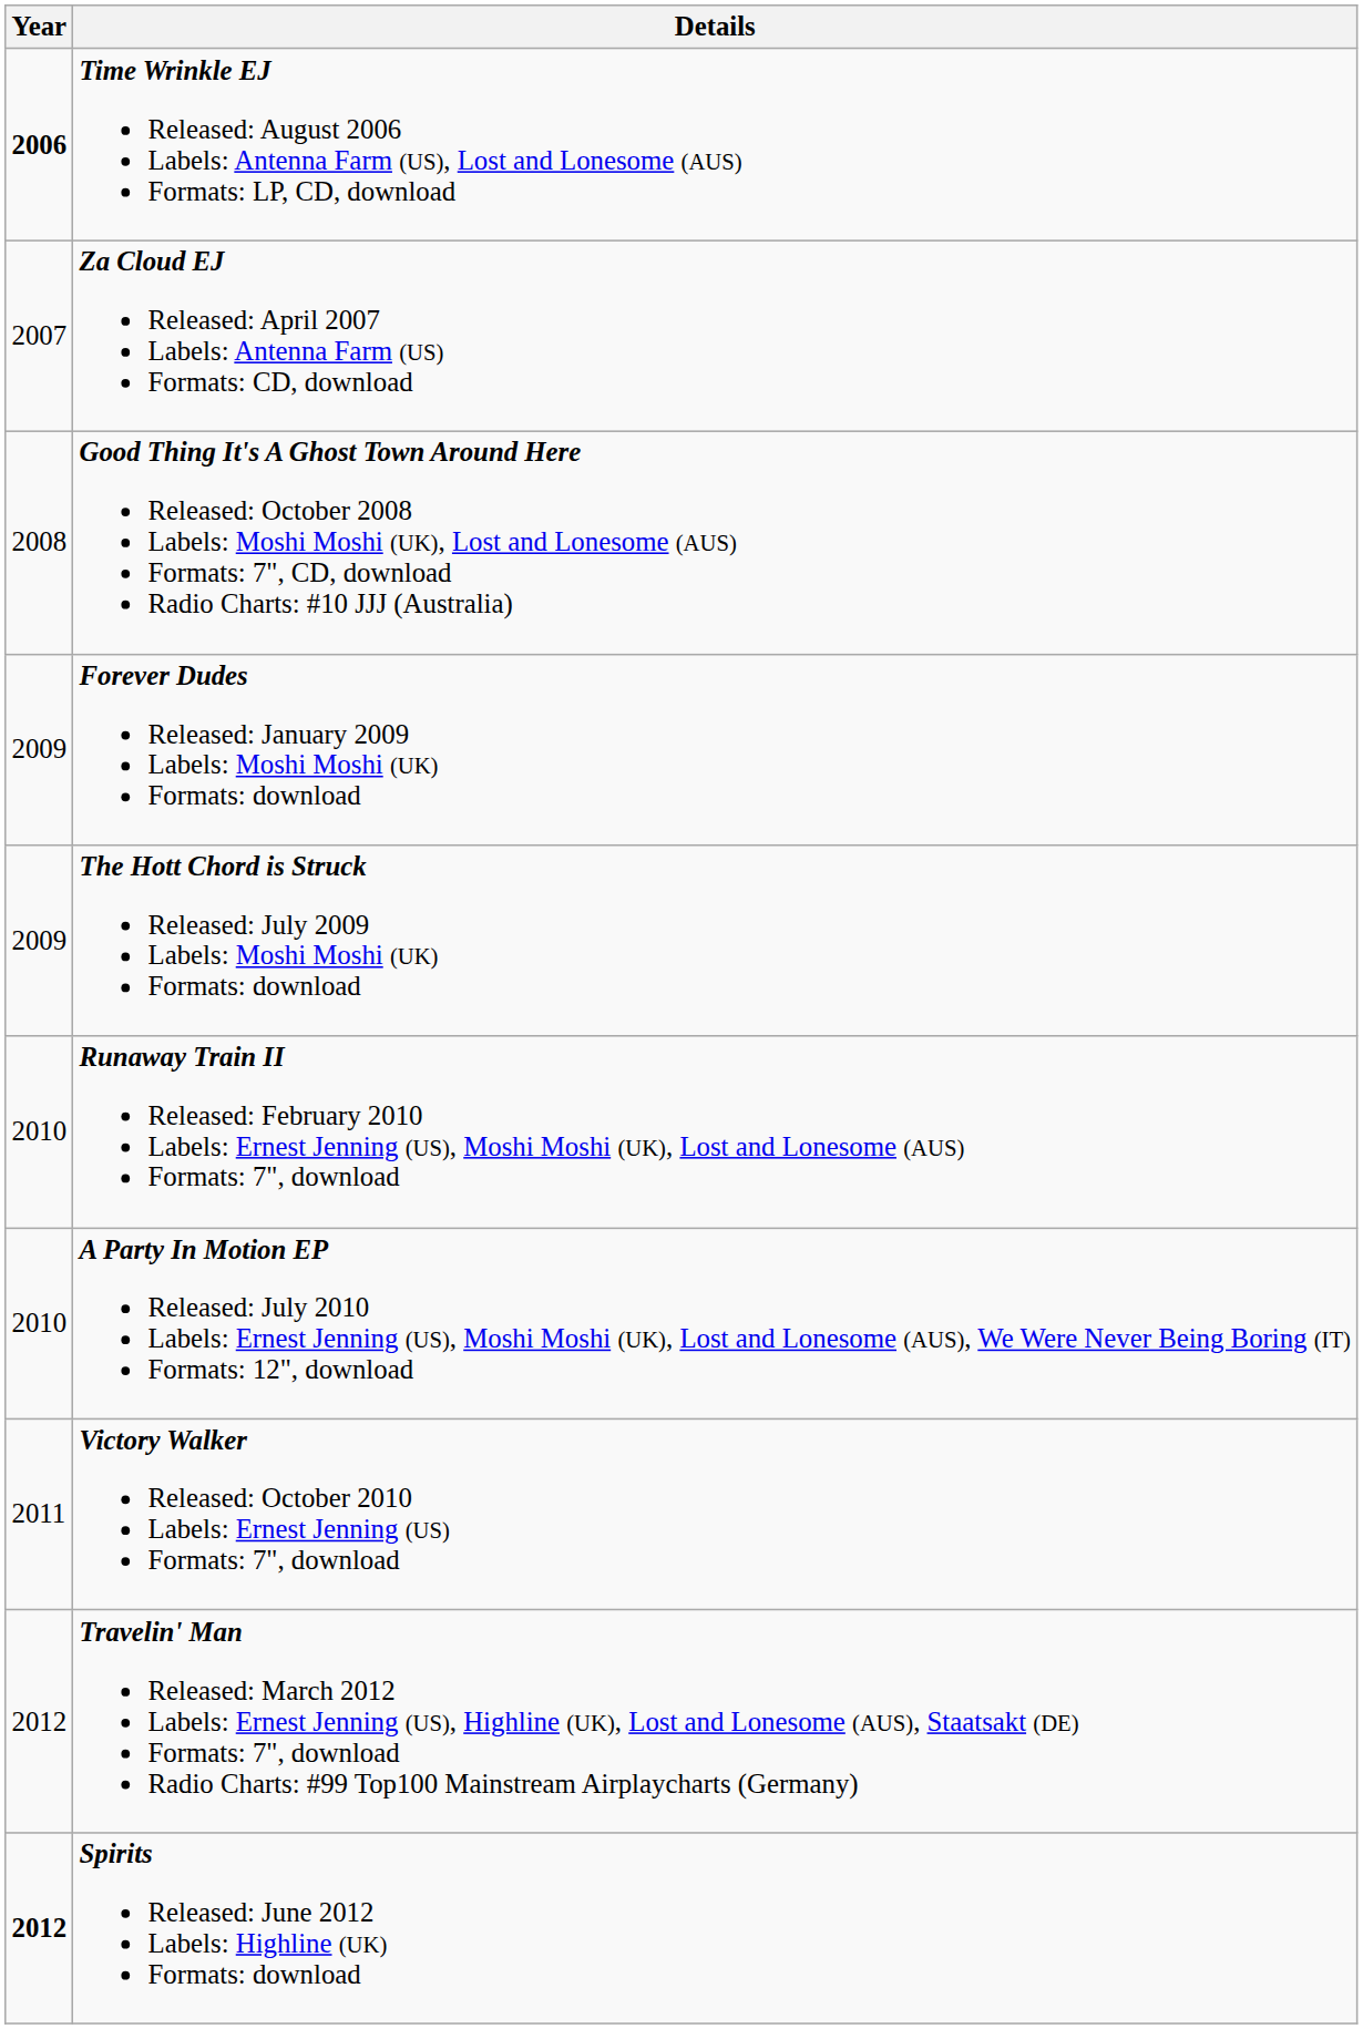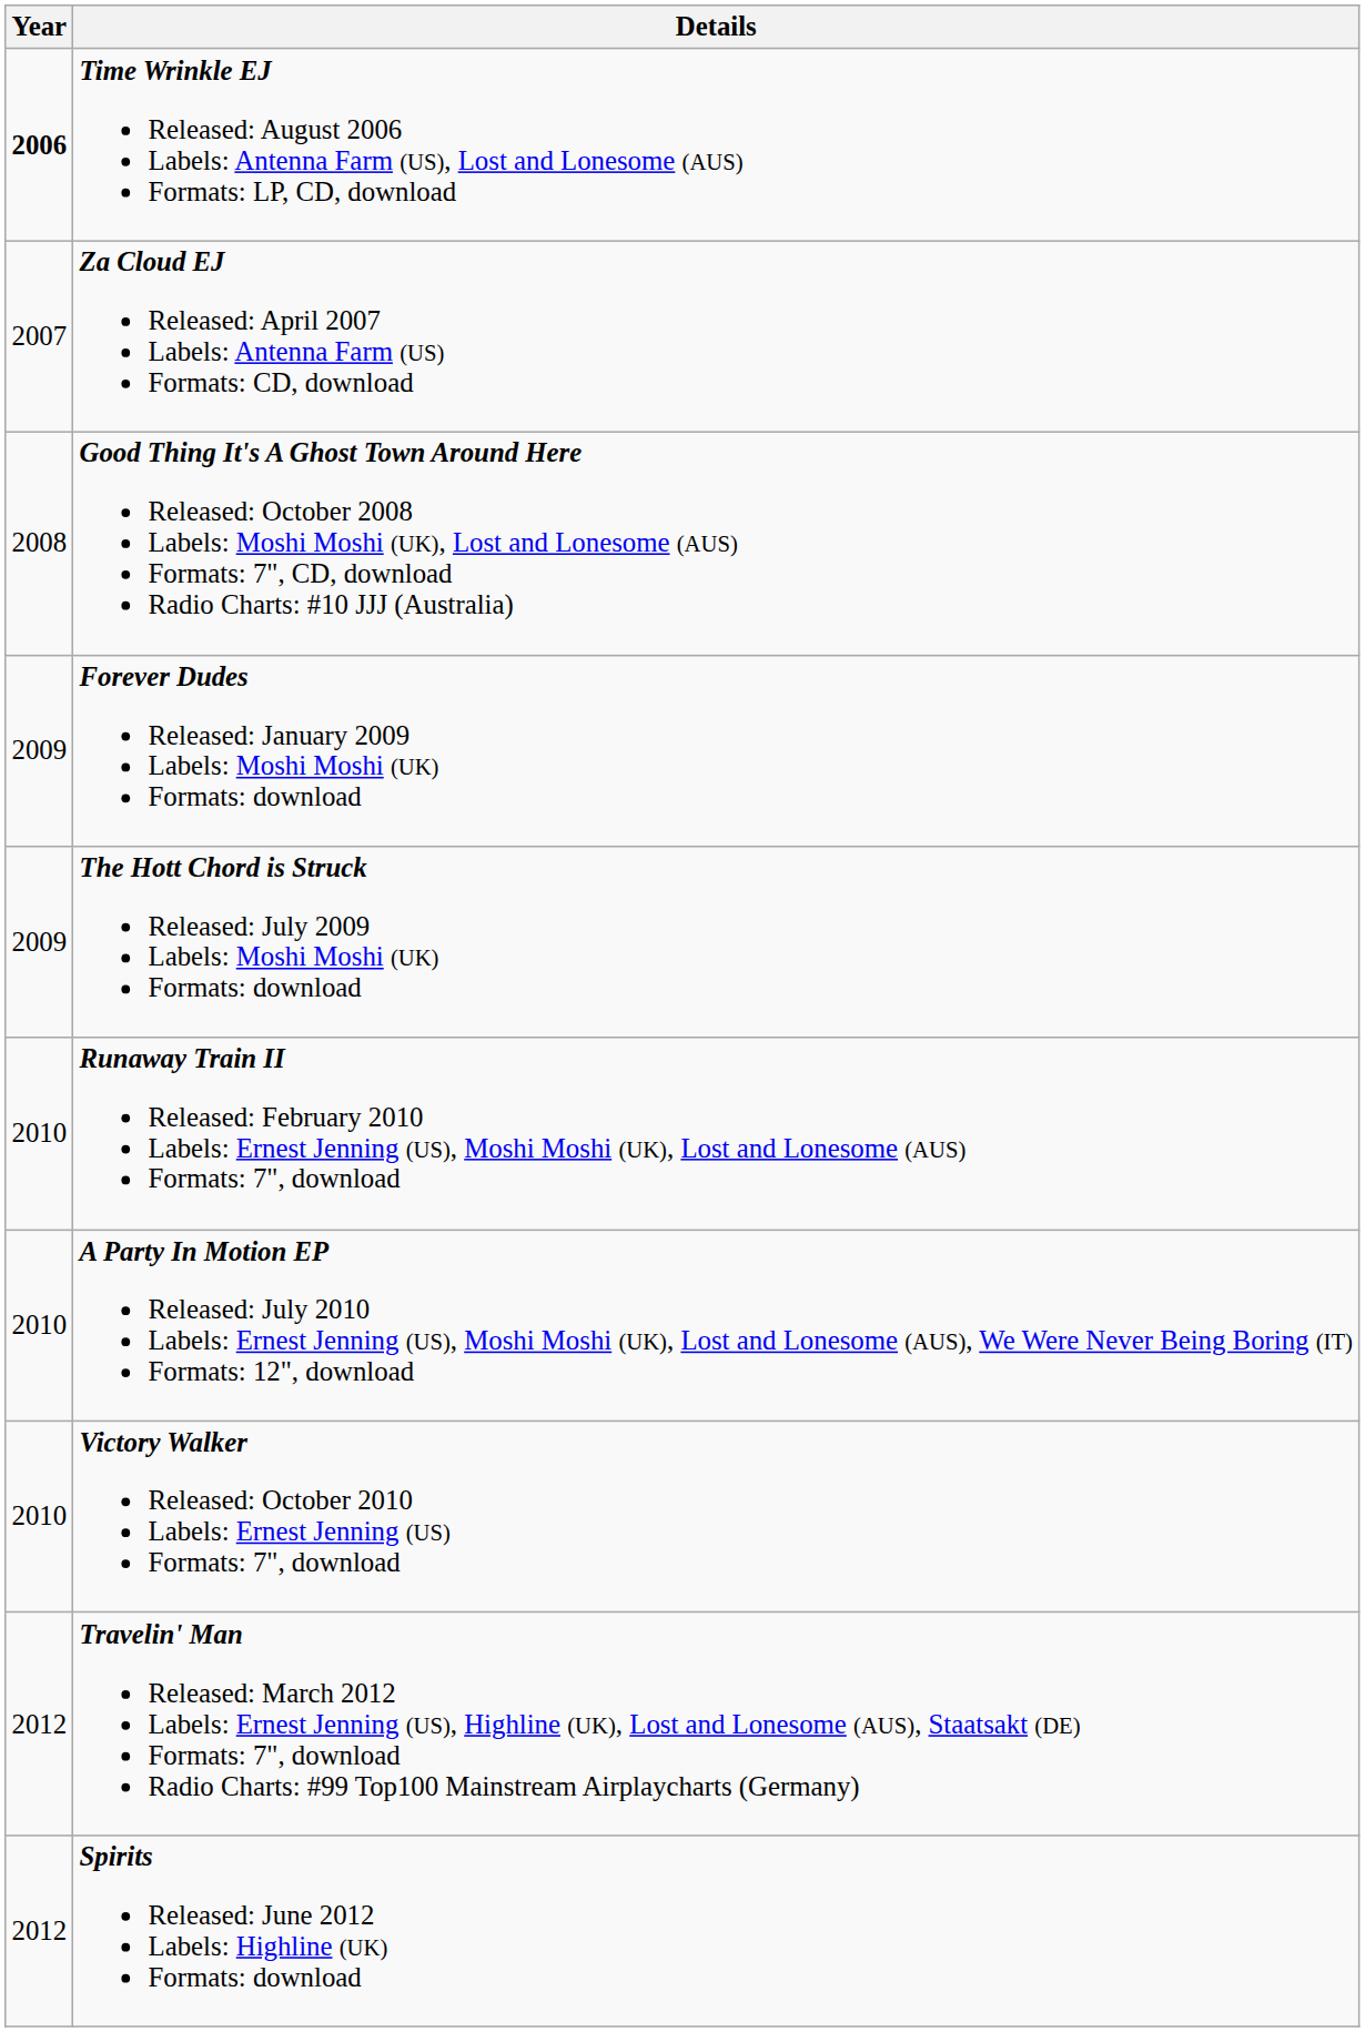 <table class="wikitable">
 <tr>
 <th>Year</th>
 <th>Details</th>
 </tr>
 <tr>
 <td><strong>2006</strong></td>
 <td><strong><em>Time Wrinkle EJ</em></strong><br><ul><li>Released: August 2006</li><li>Labels: <a href='#'>Antenna Farm</a> <small>(US)</small>, <a href='#'>Lost and Lonesome</a> <small>(AUS)</small></li><li>Formats: LP, CD, download</li></ul></td>
 </tr>
 <tr>
 <td>2007</td>
 <td><strong><em>Za Cloud EJ</em></strong><br><ul><li>Released: April 2007</li><li>Labels: <a href='#'>Antenna Farm</a> <small>(US)</small></li><li>Formats: CD, download</li></ul></td>
 </tr>
 <tr>
 <td>2008</td>
 <td><strong><em>Good Thing It's A Ghost Town Around Here</em></strong><br><ul><li>Released: October 2008</li><li>Labels: <a href='#'>Moshi Moshi</a> <small>(UK)</small>, <a href='#'>Lost and Lonesome</a> <small>(AUS)</small></li><li>Formats: 7", CD, download</li><li>Radio Charts: #10 JJJ (Australia)</li></ul></td>
 </tr>
 <tr>
 <td>2009</td>
 <td><strong><em>Forever Dudes</em></strong><br><ul><li>Released: January 2009</li><li>Labels: <a href='#'>Moshi Moshi</a> <small>(UK)</small></li><li>Formats: download</li></ul></td>
 </tr>
 <tr>
 <td>2009</td>
 <td><strong><em>The Hott Chord is Struck</em></strong><br><ul><li>Released: July 2009</li><li>Labels: <a href='#'>Moshi Moshi</a> <small>(UK)</small></li><li>Formats: download</li></ul></td>
 </tr>
 <tr>
 <td>2010</td>
 <td><strong><em>Runaway Train II</em></strong><br><ul><li>Released: February 2010</li><li>Labels: <a href='#'>Ernest Jenning</a> <small>(US)</small>, <a href='#'>Moshi Moshi</a> <small>(UK)</small>, <a href='#'>Lost and Lonesome</a> <small>(AUS)</small></li><li>Formats: 7", download</li></ul></td>
 </tr>
 <tr>
 <td>2010</td>
 <td><strong><em>A Party In Motion EP</em></strong><br><ul><li>Released: July 2010</li><li>Labels: <a href='#'>Ernest Jenning</a> <small>(US)</small>, <a href='#'>Moshi Moshi</a> <small>(UK)</small>, <a href='#'>Lost and Lonesome</a> <small>(AUS)</small>, <a href='#'>We Were Never Being Boring</a> <small>(IT)</small></li><li>Formats: 12", download</li></ul></td>
 </tr>
 <tr>
-<td>2011</td>
+<td>2010</td>
 <td><strong><em>Victory Walker</em></strong><br><ul><li>Released: October 2010</li><li>Labels: <a href='#'>Ernest Jenning</a> <small>(US)</small></li><li>Formats: 7", download</li></ul></td>
 </tr>
 <tr>
 <td>2012</td>
 <td><strong><em>Travelin' Man</em></strong><br><ul><li>Released: March 2012</li><li>Labels: <a href='#'>Ernest Jenning</a> <small>(US)</small>, <a href='#'>Highline</a> <small>(UK)</small>, <a href='#'>Lost and Lonesome</a> <small>(AUS)</small>, <a href='#'>Staatsakt</a> <small>(DE)</small></li><li>Formats: 7", download</li><li>Radio Charts: #99 Top100 Mainstream Airplaycharts (Germany)</li></ul></td>
 </tr>
 <tr>
-<td><strong>2012</strong></td>
+<td>2012</td>
 <td><strong><em>Spirits</em></strong><br><ul><li>Released: June 2012</li><li>Labels: <a href='#'>Highline</a> <small>(UK)</small></li><li>Formats: download</li></ul></td>
 </tr>
 </table>
